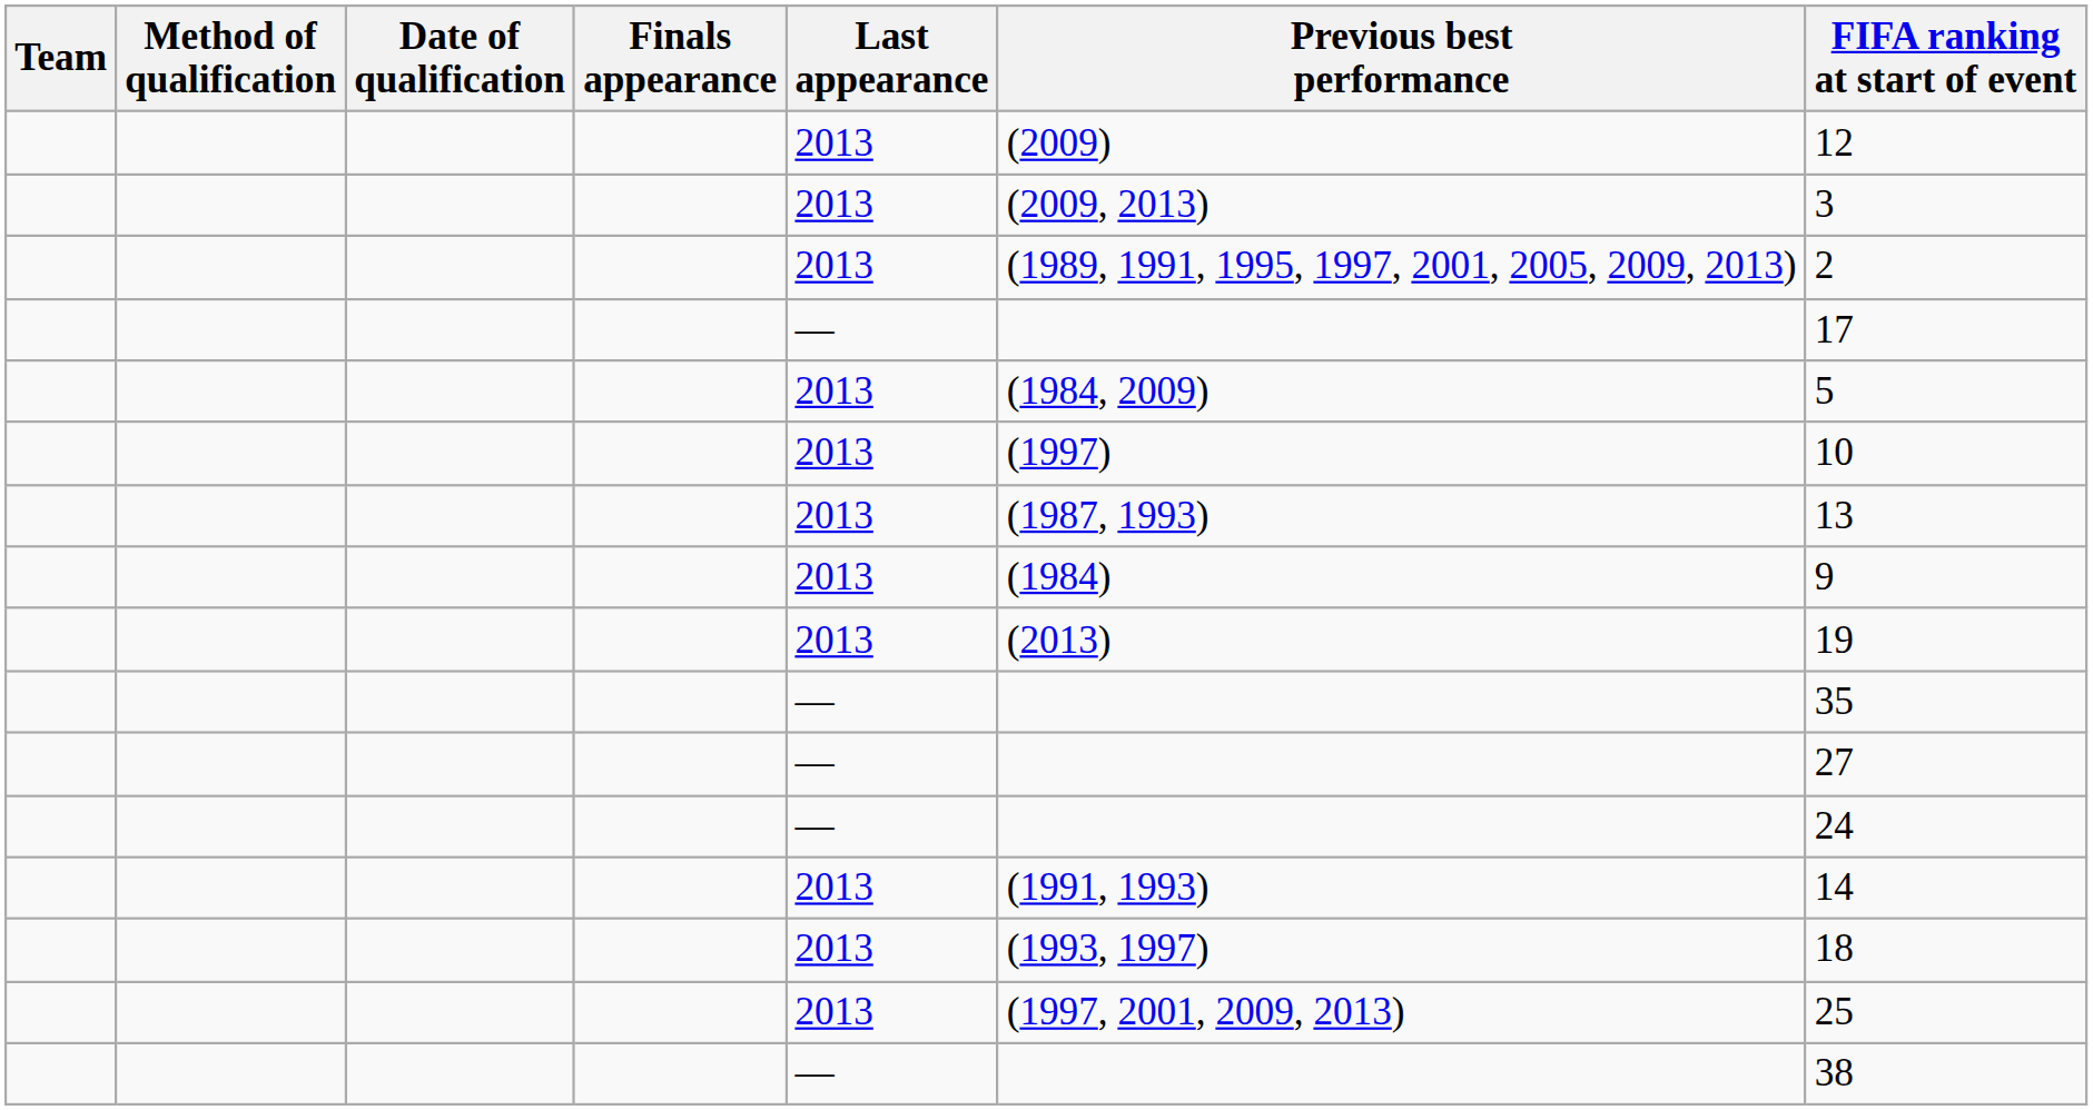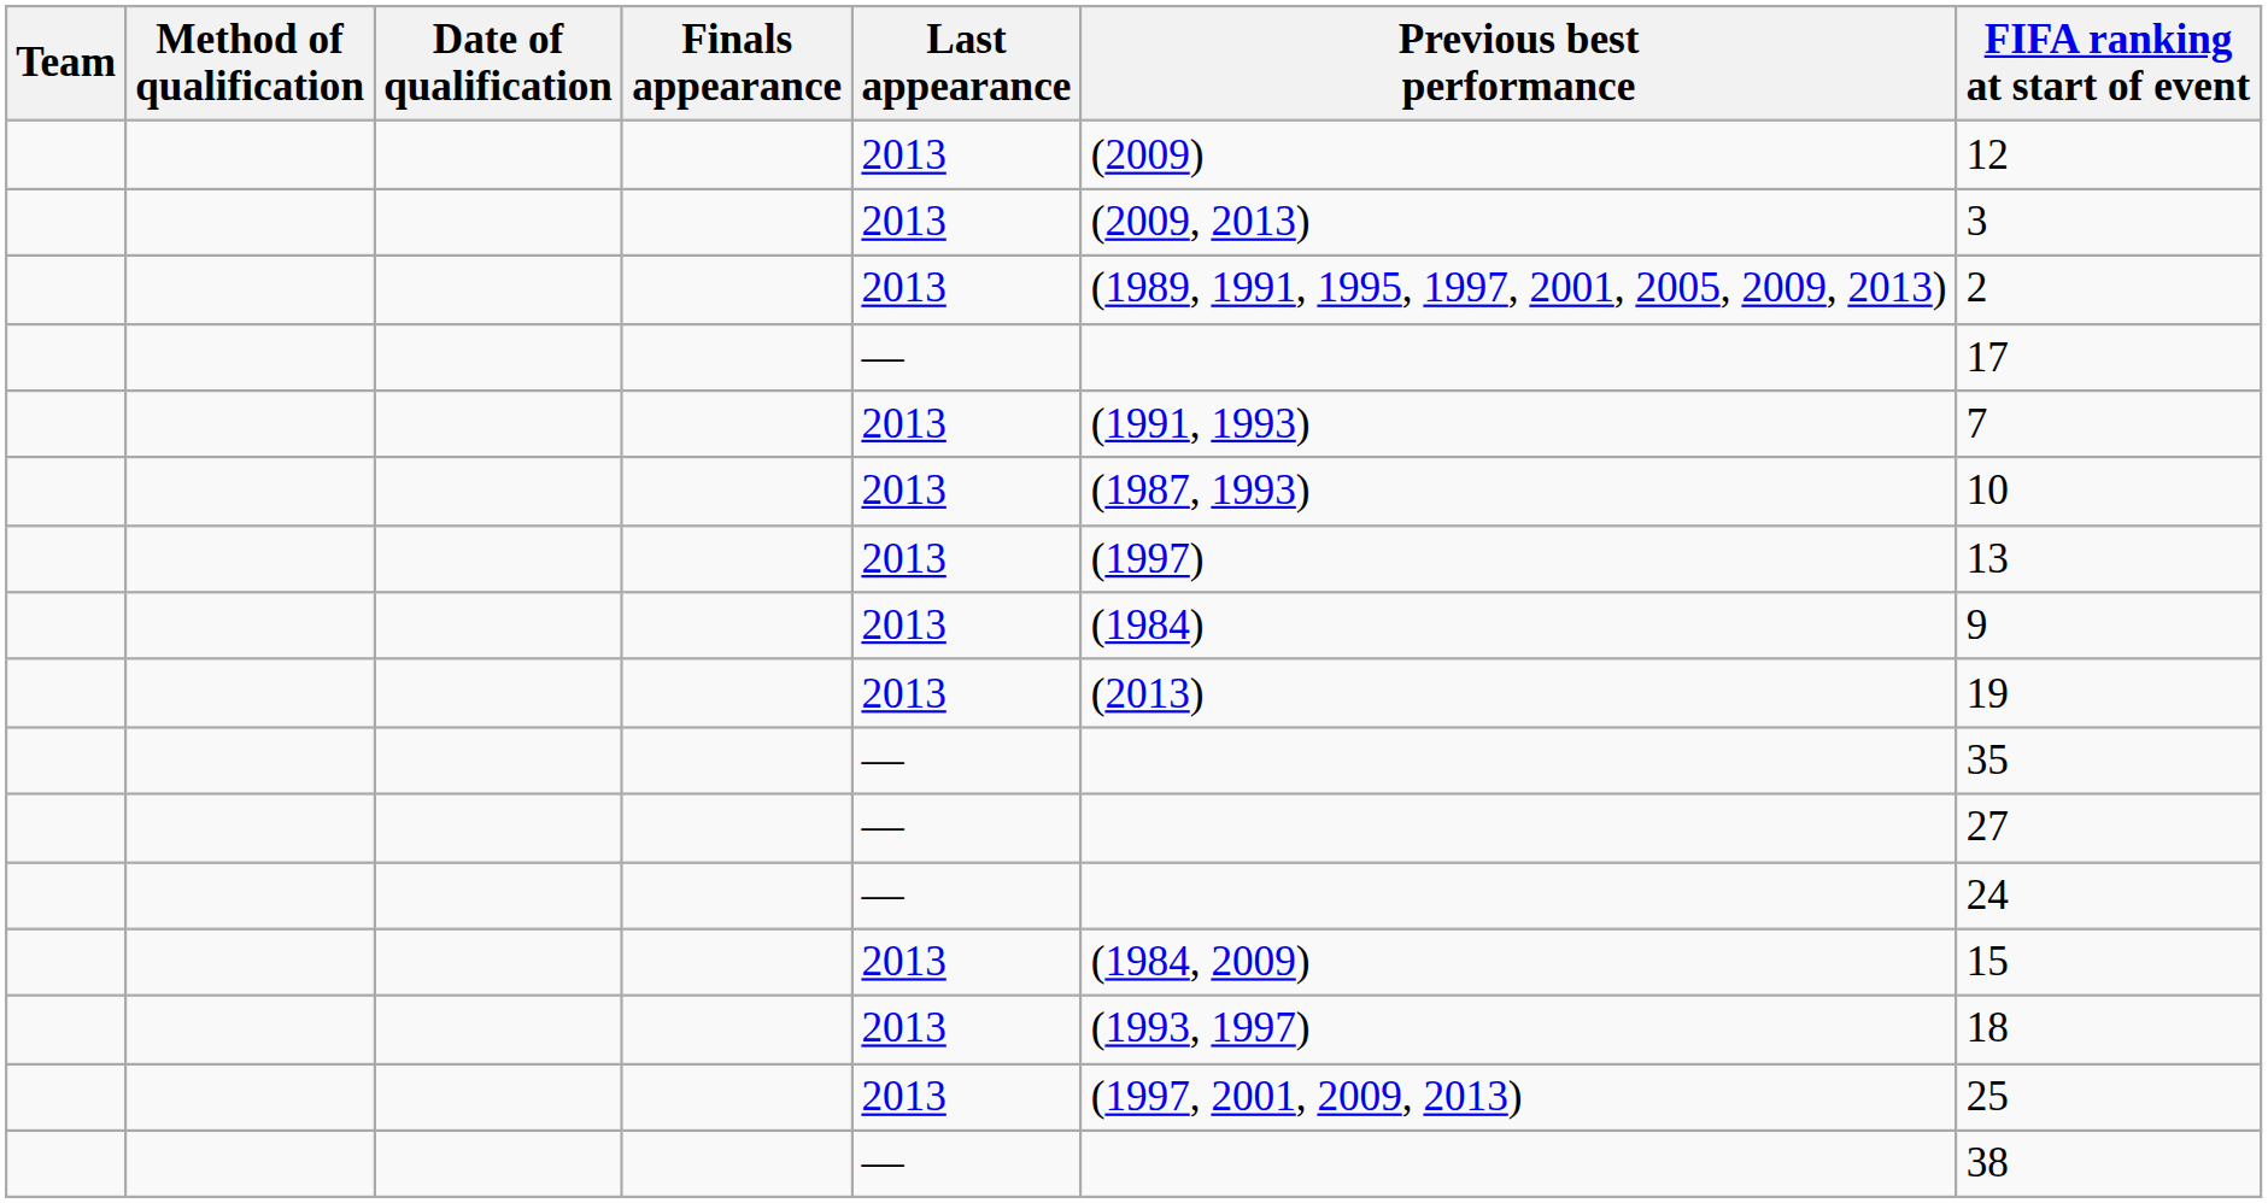 <table class="wikitable sortable" style="text-align: left;">
 <tr>
 <th>Team</th>
 <th>Method of<br>qualification</th>
 <th>Date of<br>qualification</th>
 <th>Finals<br>appearance</th>
 <th>Last<br>appearance</th>
 <th>Previous best<br>performance</th>
 <th><a href='#'>FIFA ranking</a><br>at start of event</th>
 </tr>
 <tr>
 <td></td>
 <td></td>
 <td></td>
 <td></td>
 <td><a href='#'>2013</a></td>
 <td> (<a href='#'>2009</a>)</td>
 <td>12</td>
 </tr>
 <tr>
 <td></td>
 <td></td>
 <td></td>
 <td></td>
 <td><a href='#'>2013</a></td>
 <td> (<a href='#'>2009</a>, <a href='#'>2013</a>)</td>
 <td>3</td>
 </tr>
 <tr>
 <td></td>
 <td></td>
 <td></td>
 <td></td>
 <td><a href='#'>2013</a></td>
 <td> (<a href='#'>1989</a>, <a href='#'>1991</a>, <a href='#'>1995</a>, <a href='#'>1997</a>, <a href='#'>2001</a>, <a href='#'>2005</a>, <a href='#'>2009</a>, <a href='#'>2013</a>)</td>
 <td>2</td>
 </tr>
 <tr>
 <td></td>
 <td></td>
 <td></td>
 <td></td>
 <td>—</td>
 <td></td>
 <td>17</td>
 </tr>
 <tr>
 <td></td>
 <td></td>
 <td></td>
 <td></td>
 <td><a href='#'>2013</a></td>
-<td> (<a href='#'>1984</a>, <a href='#'>2009</a>)</td>
-<td>5</td>
+<td> (<a href='#'>1991</a>, <a href='#'>1993</a>)</td>
+<td>7</td>
+</tr>
+<tr>
+<td></td>
+<td></td>
+<td></td>
+<td></td>
+<td><a href='#'>2013</a></td>
+<td> (<a href='#'>1987</a>, <a href='#'>1993</a>)</td>
+<td>10</td>
 </tr>
 <tr>
 <td></td>
 <td></td>
 <td></td>
 <td></td>
 <td><a href='#'>2013</a></td>
 <td> (<a href='#'>1997</a>)</td>
-<td>10</td>
-</tr>
-<tr>
-<td></td>
-<td></td>
-<td></td>
-<td></td>
-<td><a href='#'>2013</a></td>
-<td> (<a href='#'>1987</a>, <a href='#'>1993</a>)</td>
 <td>13</td>
 </tr>
 <tr>
 <td></td>
 <td></td>
 <td></td>
 <td></td>
 <td><a href='#'>2013</a></td>
 <td> (<a href='#'>1984</a>)</td>
 <td>9</td>
 </tr>
 <tr>
 <td></td>
 <td></td>
 <td></td>
 <td></td>
 <td><a href='#'>2013</a></td>
 <td> (<a href='#'>2013</a>)</td>
 <td>19</td>
 </tr>
 <tr>
 <td></td>
 <td></td>
 <td></td>
 <td></td>
 <td>—</td>
 <td></td>
 <td>35</td>
 </tr>
 <tr>
 <td></td>
 <td></td>
 <td></td>
 <td></td>
 <td>—</td>
 <td></td>
 <td>27</td>
 </tr>
 <tr>
 <td></td>
 <td></td>
 <td></td>
 <td></td>
 <td>—</td>
 <td></td>
 <td>24</td>
 </tr>
 <tr>
 <td></td>
 <td></td>
 <td></td>
 <td></td>
 <td><a href='#'>2013</a></td>
-<td> (<a href='#'>1991</a>, <a href='#'>1993</a>)</td>
-<td>14</td>
+<td> (<a href='#'>1984</a>, <a href='#'>2009</a>)</td>
+<td>15</td>
 </tr>
 <tr>
 <td></td>
 <td></td>
 <td></td>
 <td></td>
 <td><a href='#'>2013</a></td>
 <td> (<a href='#'>1993</a>, <a href='#'>1997</a>)</td>
 <td>18</td>
 </tr>
 <tr>
 <td></td>
 <td></td>
 <td></td>
 <td></td>
 <td><a href='#'>2013</a></td>
 <td> (<a href='#'>1997</a>, <a href='#'>2001</a>, <a href='#'>2009</a>, <a href='#'>2013</a>)</td>
 <td>25</td>
 </tr>
 <tr>
 <td></td>
 <td></td>
 <td></td>
 <td></td>
 <td>—</td>
 <td></td>
 <td>38</td>
 </tr>
 </table>
